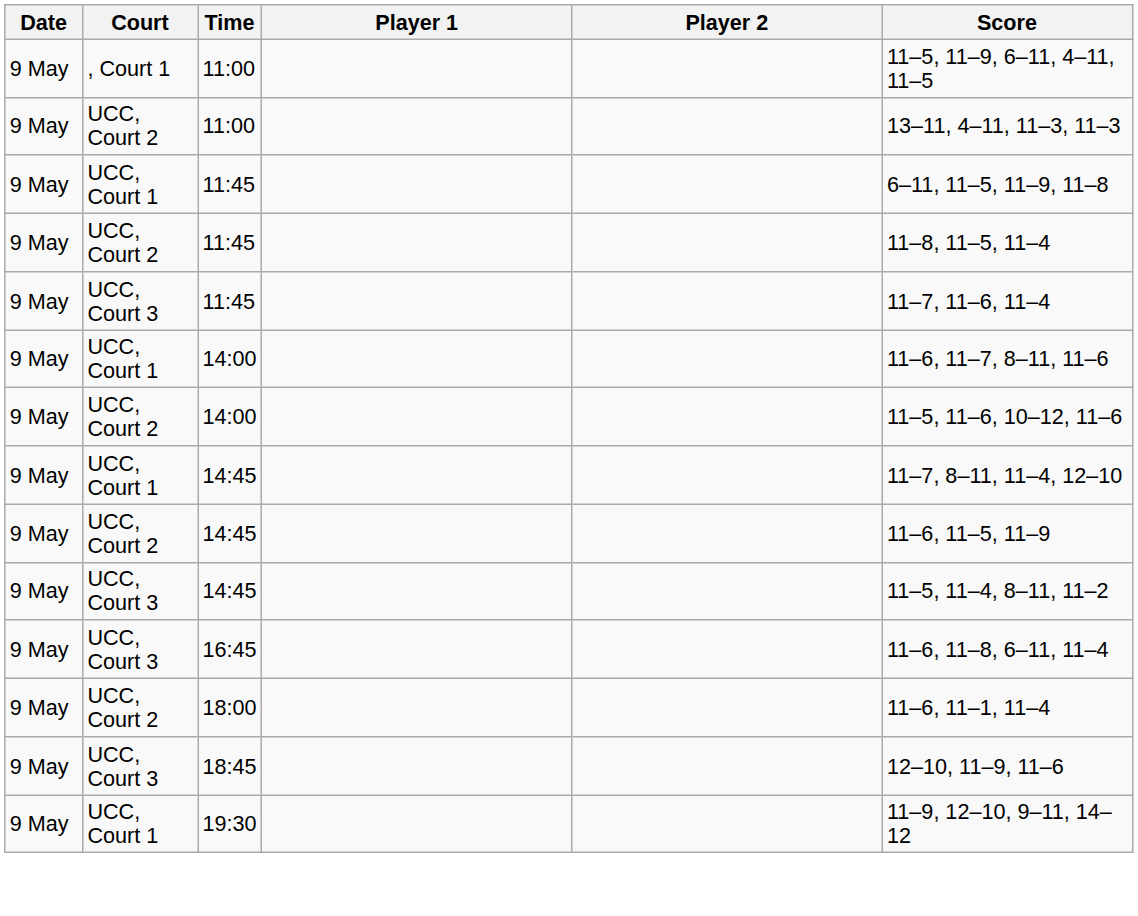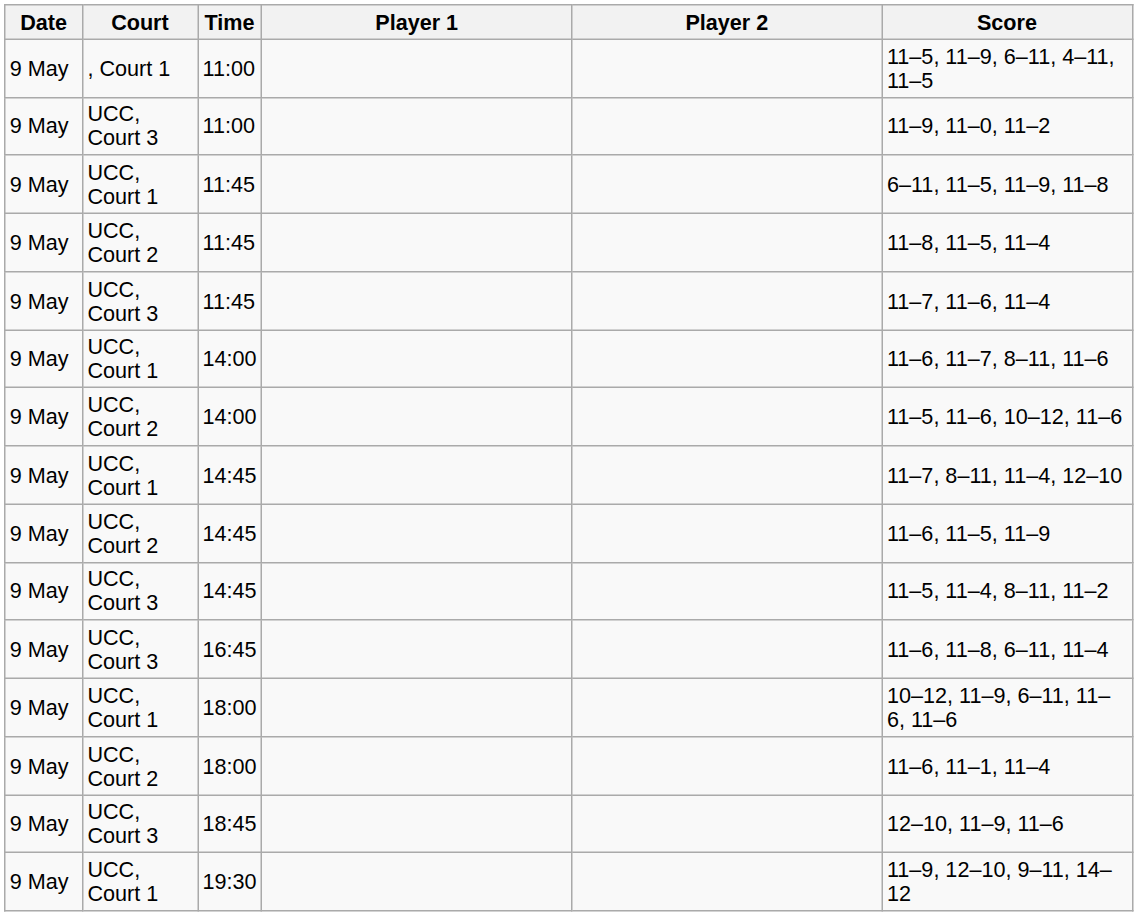 <table class="sortable wikitable" style="font-size:90%">
 <tr>
 <th width="45" class="unsortable">Date</th>
 <th width="70">Court</th>
 <th width="30">Time</th>
 <th width="200">Player 1</th>
 <th width="200">Player 2</th>
 <th width="160" class="unsortable">Score</th>
 </tr>
 <tr>
 <td>9 May</td>
 <td>, Court 1</td>
 <td>11:00</td>
 <td><strong></strong></td>
 <td></td>
 <td>11–5, 11–9, 6–11, 4–11, 11–5</td>
 </tr>
 <tr>
 <td>9 May</td>
-<td>UCC, Court 2</td>
+<td>UCC, Court 3</td>
 <td>11:00</td>
 <td><strong></strong></td>
 <td></td>
-<td>13–11, 4–11, 11–3, 11–3</td>
+<td>11–9, 11–0, 11–2</td>
 </tr>
 <tr>
 <td>9 May</td>
 <td>UCC, Court 1</td>
 <td>11:45</td>
 <td><strong></strong></td>
 <td></td>
 <td>6–11, 11–5, 11–9, 11–8</td>
 </tr>
 <tr>
 <td>9 May</td>
 <td>UCC, Court 2</td>
 <td>11:45</td>
 <td><strong></strong></td>
 <td></td>
 <td>11–8, 11–5, 11–4</td>
 </tr>
 <tr>
 <td>9 May</td>
 <td>UCC, Court 3</td>
 <td>11:45</td>
 <td><strong></strong></td>
 <td></td>
 <td>11–7, 11–6, 11–4</td>
 </tr>
 <tr>
 <td>9 May</td>
 <td>UCC, Court 1</td>
 <td>14:00</td>
 <td><strong></strong></td>
 <td></td>
 <td>11–6, 11–7, 8–11, 11–6</td>
 </tr>
 <tr>
 <td>9 May</td>
 <td>UCC, Court 2</td>
 <td>14:00</td>
 <td><strong></strong></td>
 <td></td>
 <td>11–5, 11–6, 10–12, 11–6</td>
 </tr>
 <tr>
 <td>9 May</td>
 <td>UCC, Court 1</td>
 <td>14:45</td>
 <td><strong></strong></td>
 <td></td>
 <td>11–7, 8–11, 11–4, 12–10</td>
 </tr>
 <tr>
 <td>9 May</td>
 <td>UCC, Court 2</td>
 <td>14:45</td>
 <td><strong></strong></td>
 <td></td>
 <td>11–6, 11–5, 11–9</td>
 </tr>
 <tr>
 <td>9 May</td>
 <td>UCC, Court 3</td>
 <td>14:45</td>
 <td><strong></strong></td>
 <td></td>
 <td>11–5, 11–4, 8–11, 11–2</td>
 </tr>
 <tr>
 <td>9 May</td>
 <td>UCC, Court 3</td>
 <td>16:45</td>
 <td><strong></strong></td>
 <td></td>
 <td>11–6, 11–8, 6–11, 11–4</td>
 </tr>
 <tr>
 <td>9 May</td>
+<td>UCC, Court 1</td>
+<td>18:00</td>
+<td><strong></strong></td>
+<td></td>
+<td>10–12, 11–9, 6–11, 11–6, 11–6</td>
+</tr>
+<tr>
+<td>9 May</td>
 <td>UCC, Court 2</td>
 <td>18:00</td>
 <td><strong></strong></td>
 <td></td>
 <td>11–6, 11–1, 11–4</td>
 </tr>
 <tr>
 <td>9 May</td>
 <td>UCC, Court 3</td>
 <td>18:45</td>
 <td><strong></strong></td>
 <td></td>
 <td>12–10, 11–9, 11–6</td>
 </tr>
 <tr>
 <td>9 May</td>
 <td>UCC, Court 1</td>
 <td>19:30</td>
 <td><strong></strong></td>
 <td></td>
 <td>11–9, 12–10, 9–11, 14–12</td>
 </tr>
 </table>
